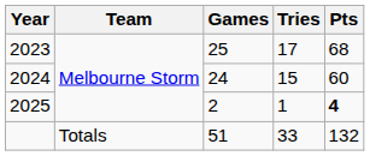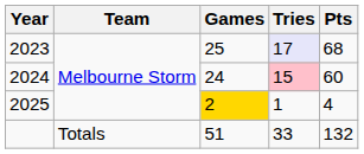 <table class="wikitable">
 <tr>
 <th>Year</th>
 <th>Team</th>
 <th>Games</th>
 <th>Tries</th>
 <th>Pts</th>
 </tr>
 <tr>
 <td>2023</td>
 <td rowspan="3"> <a href='#'>Melbourne Storm</a></td>
 <td>25</td>
-<td>17</td>
+<td style="background: lavender;">17</td>
 <td>68</td>
 </tr>
 <tr>
 <td>2024</td>
 <td>24</td>
-<td>15</td>
+<td style="background: pink;">15</td>
 <td>60</td>
 </tr>
 <tr>
 <td>2025</td>
-<td>2</td>
+<td style="background: gold;">2</td>
 <td>1</td>
-<td><strong>4</strong></td>
+<td>4</td>
 </tr>
 <tr>
 <td></td>
 <td>Totals</td>
 <td>51</td>
 <td>33</td>
 <td>132</td>
 </tr>
 </table>
